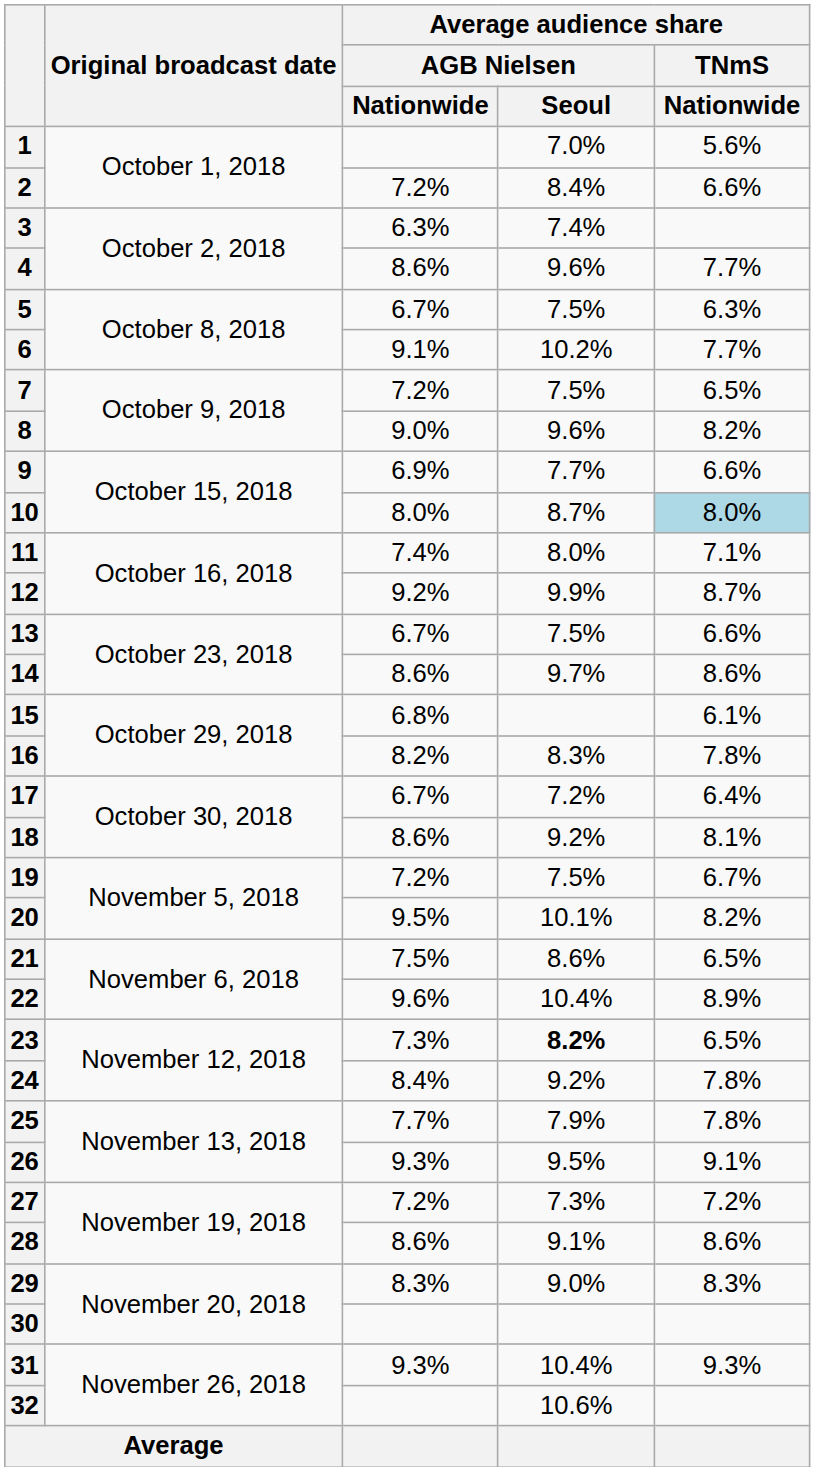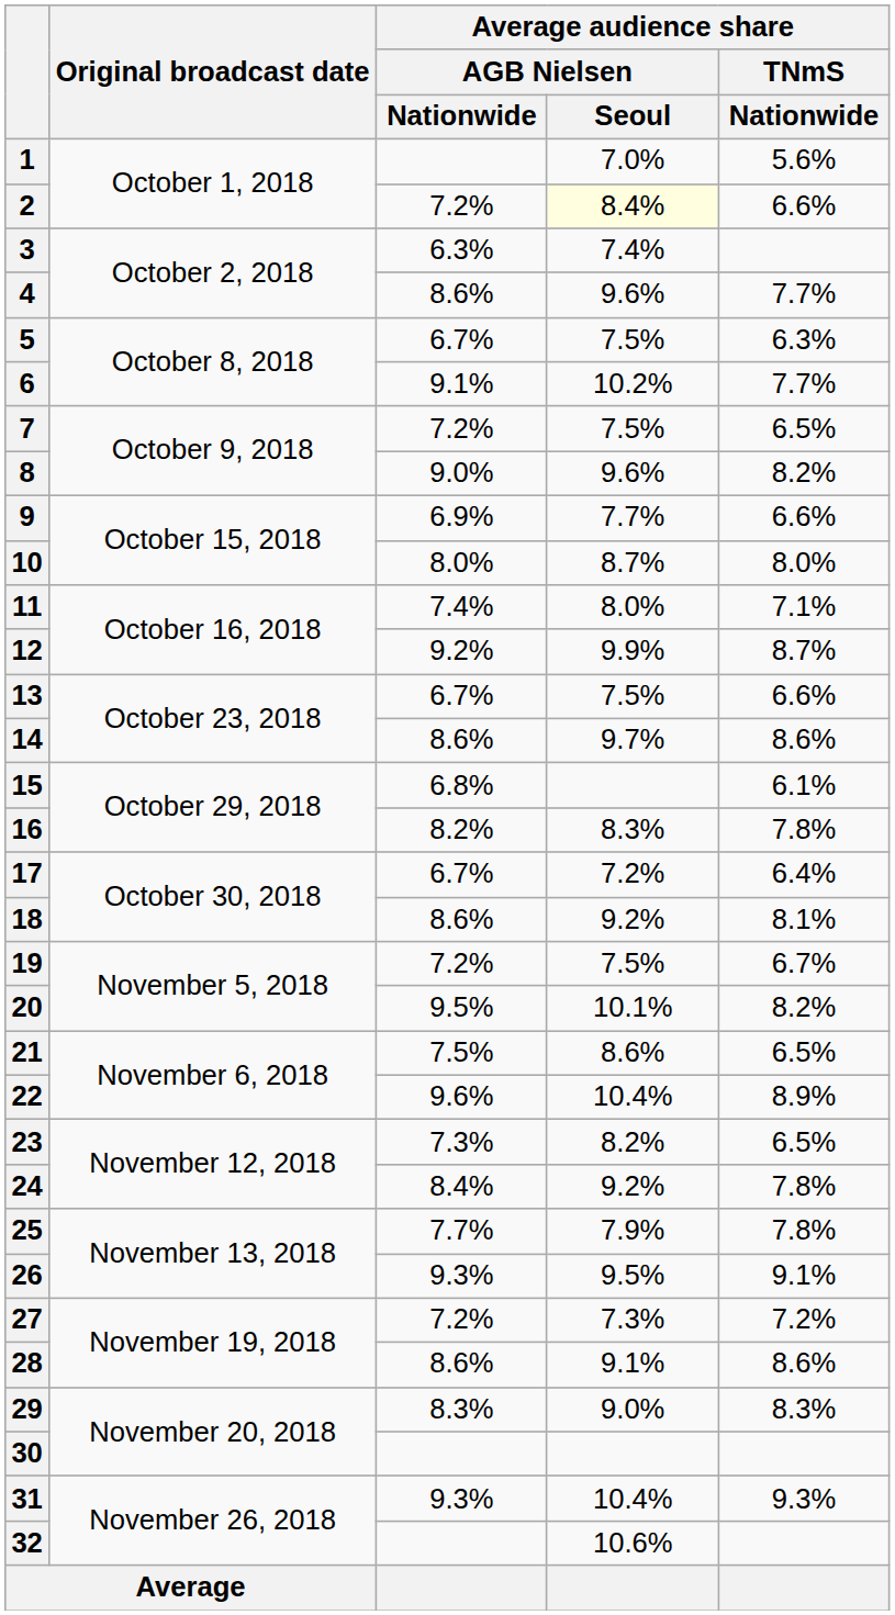 <table class="wikitable" style="text-align:center; margin-left: auto; margin-right: auto; border: none;">
 <tr>
 <th rowspan="3"></th>
 <th rowspan="3">Original broadcast date</th>
 <th colspan="3">Average audience share</th>
 </tr>
 <tr>
 <th colspan="2">AGB Nielsen</th>
 <th colspan="1">TNmS</th>
 </tr>
 <tr>
 <th width="90">Nationwide</th>
 <th width="90">Seoul</th>
 <th width="90">Nationwide</th>
 </tr>
 <tr>
 <th>1</th>
 <td rowspan="2">October 1, 2018</td>
 <td> </td>
 <td>7.0% </td>
 <td>5.6%</td>
 </tr>
 <tr>
 <th>2</th>
 <td>7.2% </td>
-<td>8.4% </td>
+<td style="background: lightyellow;">8.4% </td>
 <td>6.6%</td>
 </tr>
 <tr>
 <th>3</th>
 <td rowspan="2">October 2, 2018</td>
 <td>6.3% </td>
 <td>7.4% </td>
 <td></td>
 </tr>
 <tr>
 <th>4</th>
 <td>8.6% </td>
 <td>9.6% </td>
 <td>7.7%</td>
 </tr>
 <tr>
 <th>5</th>
 <td rowspan="2">October 8, 2018</td>
 <td>6.7% </td>
 <td>7.5% </td>
 <td>6.3%</td>
 </tr>
 <tr>
 <th>6</th>
 <td>9.1% </td>
 <td>10.2% </td>
 <td>7.7%</td>
 </tr>
 <tr>
 <th>7</th>
 <td rowspan="2">October 9, 2018</td>
 <td>7.2% </td>
 <td>7.5% </td>
 <td>6.5%</td>
 </tr>
 <tr>
 <th>8</th>
 <td>9.0% </td>
 <td>9.6% </td>
 <td>8.2%</td>
 </tr>
 <tr>
 <th>9</th>
 <td rowspan="2">October 15, 2018</td>
 <td>6.9% </td>
 <td>7.7% </td>
 <td>6.6%</td>
 </tr>
 <tr>
 <th>10</th>
 <td>8.0% </td>
 <td>8.7% </td>
-<td style="background: lightblue;">8.0%</td>
+<td>8.0%</td>
 </tr>
 <tr>
 <th>11</th>
 <td rowspan="2">October 16, 2018</td>
 <td>7.4% </td>
 <td>8.0% </td>
 <td>7.1%</td>
 </tr>
 <tr>
 <th>12</th>
 <td>9.2% </td>
 <td>9.9% </td>
 <td>8.7%</td>
 </tr>
 <tr>
 <th>13</th>
 <td rowspan="2">October 23, 2018</td>
 <td>6.7% </td>
 <td>7.5% </td>
 <td>6.6%</td>
 </tr>
 <tr>
 <th>14</th>
 <td>8.6% </td>
 <td>9.7% </td>
 <td>8.6%</td>
 </tr>
 <tr>
 <th>15</th>
 <td rowspan="2">October 29, 2018</td>
 <td>6.8% </td>
 <td> </td>
 <td>6.1%</td>
 </tr>
 <tr>
 <th>16</th>
 <td>8.2% </td>
 <td>8.3% </td>
 <td>7.8%</td>
 </tr>
 <tr>
 <th>17</th>
 <td rowspan="2">October 30, 2018</td>
 <td>6.7% </td>
 <td>7.2% </td>
 <td>6.4%</td>
 </tr>
 <tr>
 <th>18</th>
 <td>8.6% </td>
 <td>9.2% </td>
 <td>8.1%</td>
 </tr>
 <tr>
 <th>19</th>
 <td rowspan="2">November 5, 2018</td>
 <td>7.2% </td>
 <td>7.5% </td>
 <td>6.7%</td>
 </tr>
 <tr>
 <th>20</th>
 <td>9.5% </td>
 <td>10.1% </td>
 <td>8.2%</td>
 </tr>
 <tr>
 <th>21</th>
 <td rowspan="2">November 6, 2018</td>
 <td>7.5% </td>
 <td>8.6% </td>
 <td>6.5%</td>
 </tr>
 <tr>
 <th>22</th>
 <td>9.6% </td>
 <td>10.4% </td>
 <td>8.9%</td>
 </tr>
 <tr>
 <th>23</th>
 <td rowspan="2">November 12, 2018</td>
 <td>7.3% </td>
-<td><strong>8.2% </strong></td>
+<td>8.2% </td>
 <td>6.5%</td>
 </tr>
 <tr>
 <th>24</th>
 <td>8.4% </td>
 <td>9.2% </td>
 <td>7.8%</td>
 </tr>
 <tr>
 <th>25</th>
 <td rowspan="2">November 13, 2018</td>
 <td>7.7% </td>
 <td>7.9% </td>
 <td>7.8%</td>
 </tr>
 <tr>
 <th>26</th>
 <td>9.3% </td>
 <td>9.5% </td>
 <td>9.1%</td>
 </tr>
 <tr>
 <th>27</th>
 <td rowspan="2">November 19, 2018</td>
 <td>7.2% </td>
 <td>7.3% </td>
 <td>7.2%</td>
 </tr>
 <tr>
 <th>28</th>
 <td>8.6% </td>
 <td>9.1% </td>
 <td>8.6%</td>
 </tr>
 <tr>
 <th>29</th>
 <td rowspan="2">November 20, 2018</td>
 <td>8.3% </td>
 <td>9.0% </td>
 <td>8.3%</td>
 </tr>
 <tr>
 <th>30</th>
 <td> </td>
 <td> </td>
 <td></td>
 </tr>
 <tr>
 <th>31</th>
 <td rowspan="2">November 26, 2018</td>
 <td>9.3% </td>
 <td>10.4% </td>
 <td>9.3%</td>
 </tr>
 <tr>
 <th>32</th>
 <td> </td>
 <td>10.6% </td>
 <td></td>
 </tr>
 <tr>
 <th colspan="2">Average</th>
 <th></th>
 <th></th>
 <th></th>
 </tr>
 </table>
